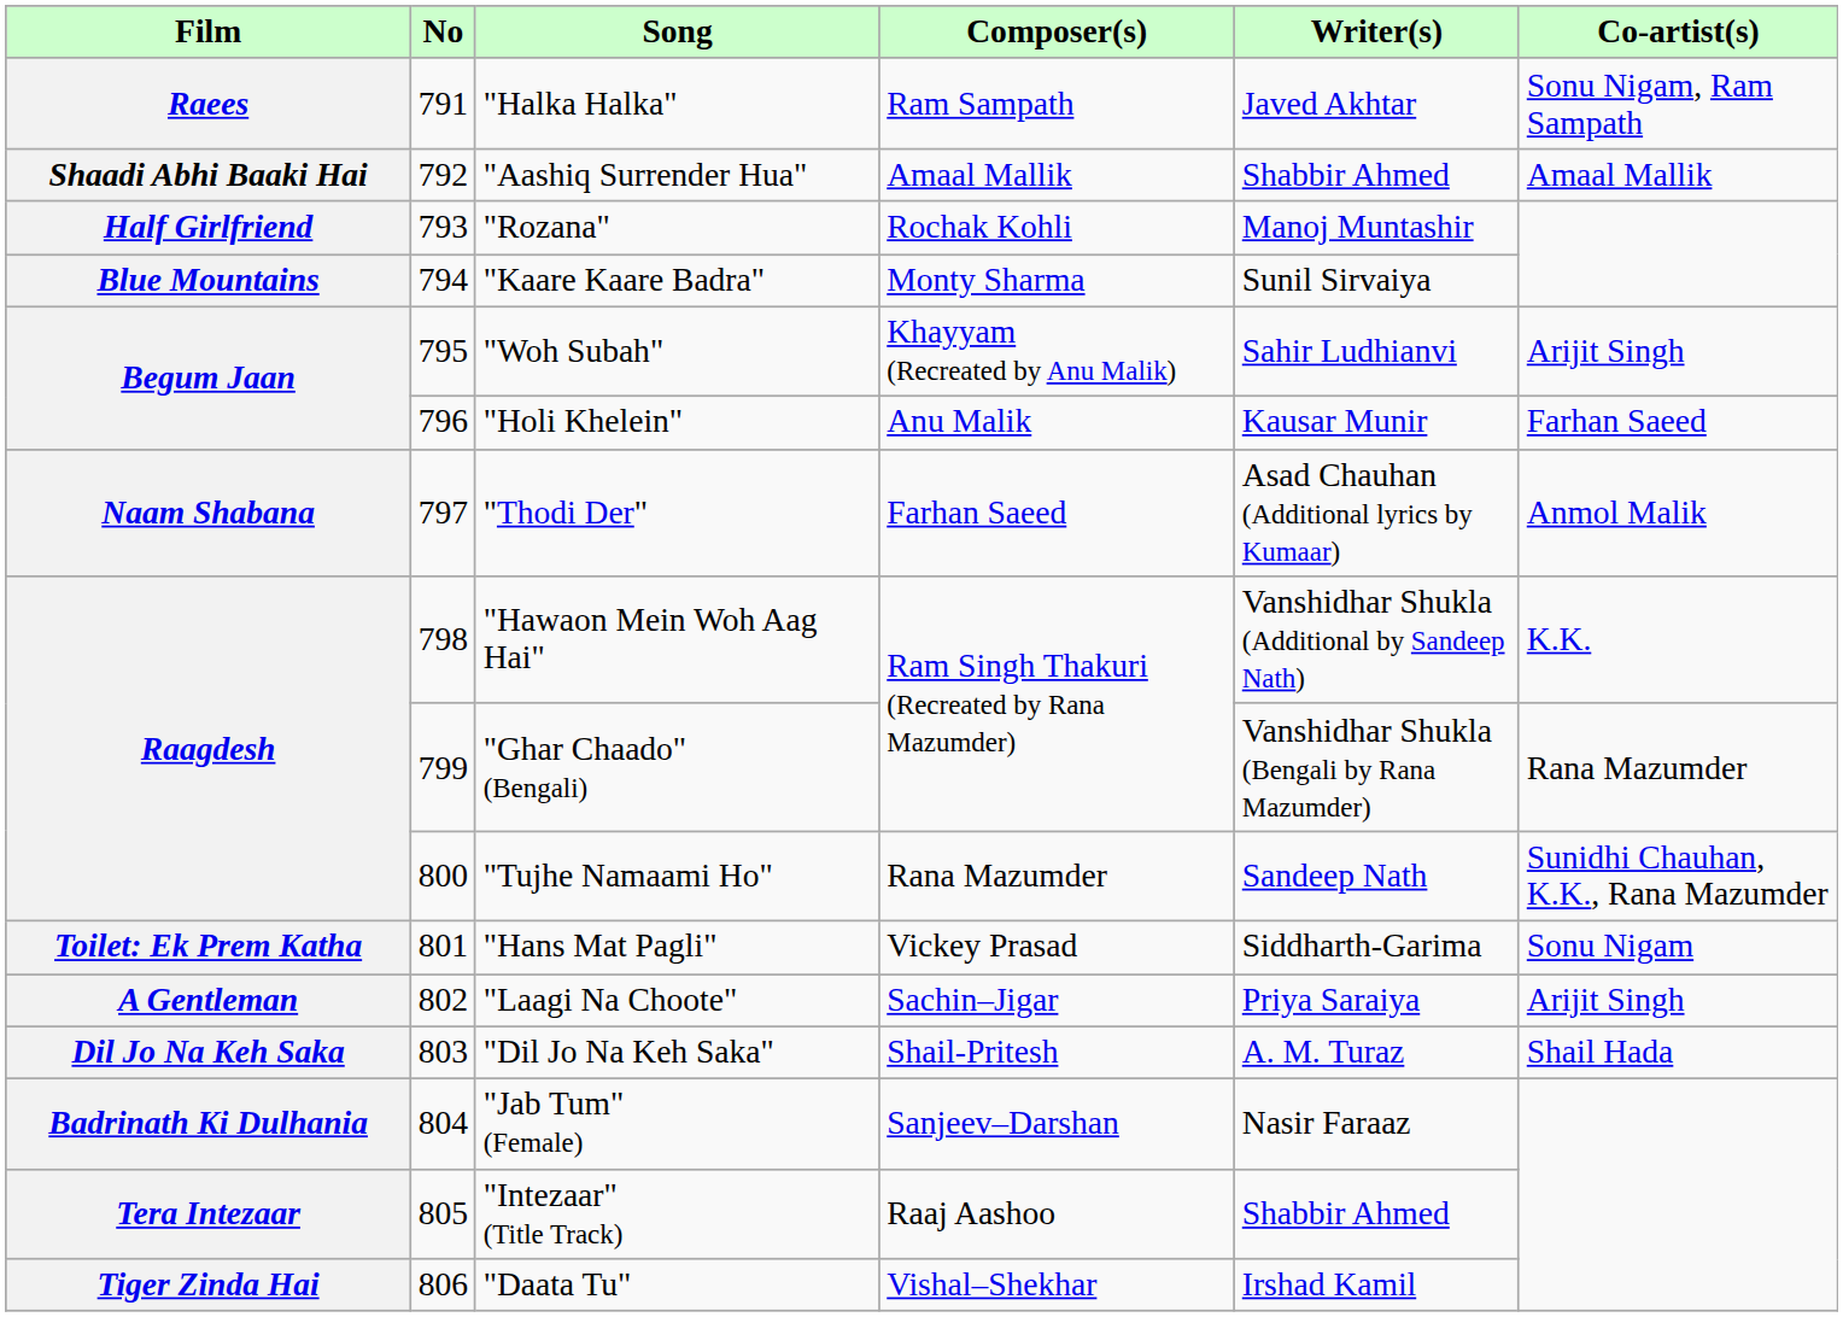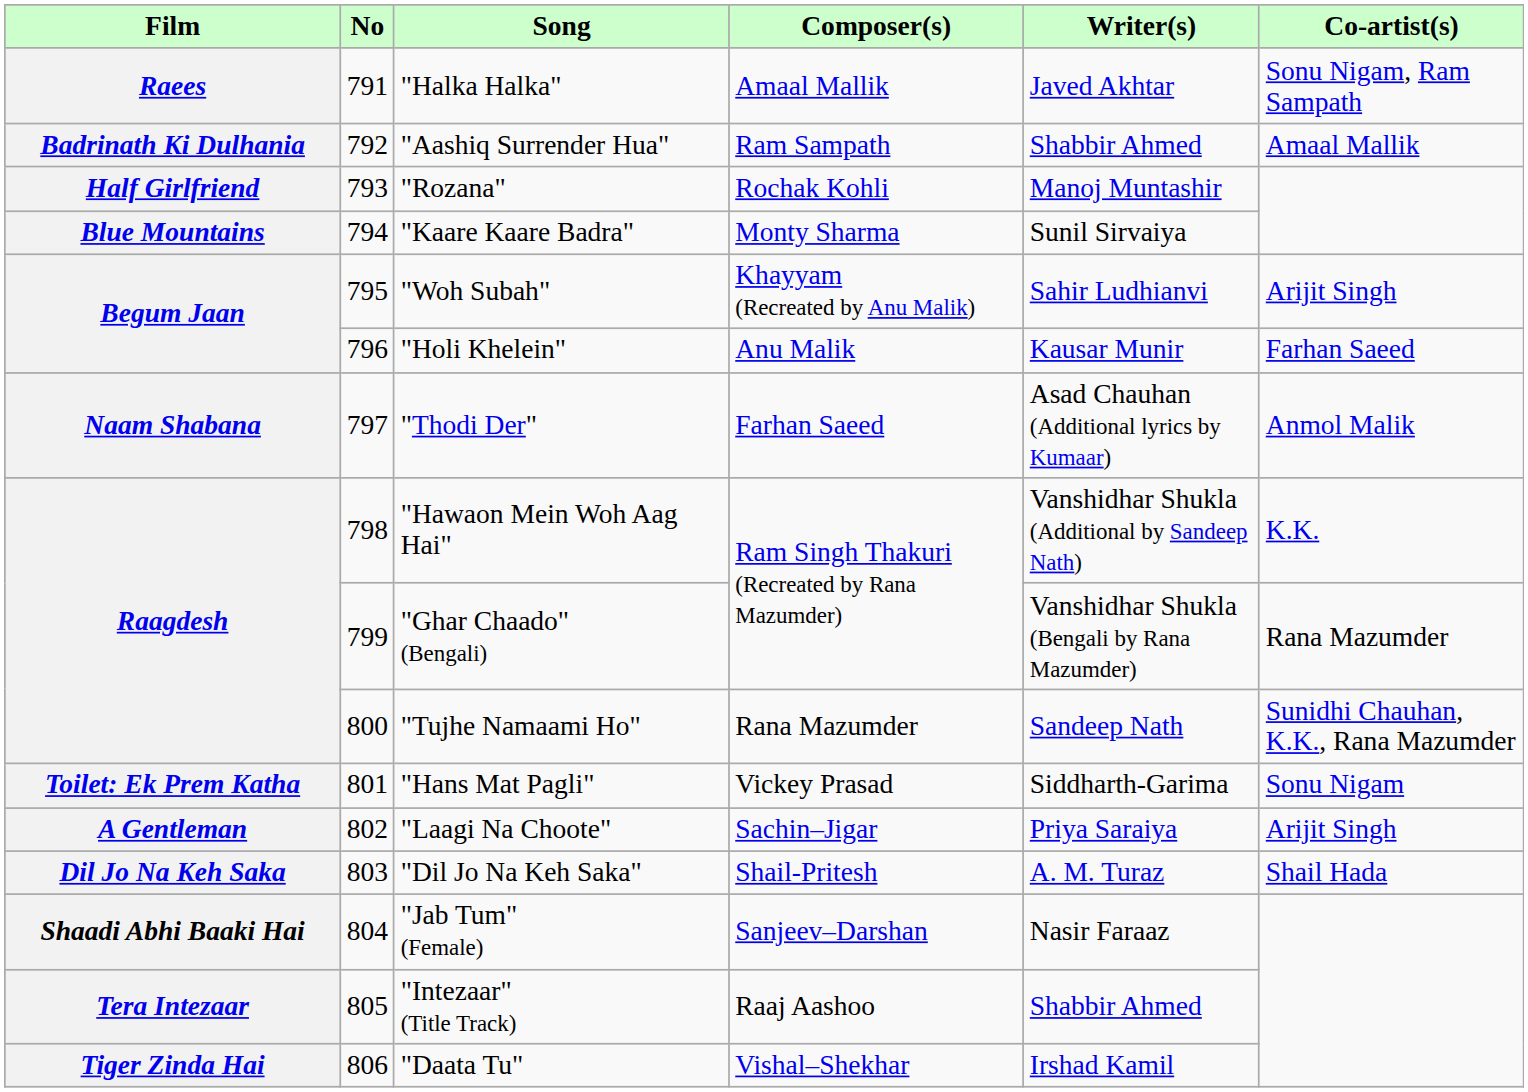 <table class="wikitable plainrowheaders" style="width:100%; textcolor:#000">
 <tr style="background:#cfc; text-align:center;">
 <td scope="col" style="width:23%;"><strong>Film</strong></td>
 <td><strong>No</strong></td>
 <td scope="col" style="width:23%;"><strong>Song</strong></td>
 <td scope="col" style="width:20%;"><strong>Composer(s)</strong></td>
 <td scope="col" style="width:16%;"><strong>Writer(s)</strong></td>
 <td scope="col" style="width:18%;"><strong>Co-artist(s)</strong></td>
 </tr>
 <tr>
 <th scope="row"><em><a href='#'>Raees</a></em></th>
 <td>791</td>
 <td>"Halka Halka"</td>
-<td><a href='#'>Ram Sampath</a></td>
+<td><a href='#'>Amaal Mallik</a></td>
 <td><a href='#'>Javed Akhtar</a></td>
 <td><a href='#'>Sonu Nigam</a>, <a href='#'>Ram Sampath</a></td>
 </tr>
 <tr>
-<th scope="row"><em>Shaadi Abhi Baaki Hai</em></th>
+<th scope="row"><em><a href='#'>Badrinath Ki Dulhania</a></em></th>
 <td>792</td>
 <td>"Aashiq Surrender Hua"</td>
-<td><a href='#'>Amaal Mallik</a></td>
+<td><a href='#'>Ram Sampath</a></td>
 <td><a href='#'>Shabbir Ahmed</a></td>
 <td><a href='#'>Amaal Mallik</a></td>
 </tr>
 <tr>
 <th scope="row"><em><a href='#'>Half Girlfriend</a></em></th>
 <td>793</td>
 <td>"Rozana"</td>
 <td><a href='#'>Rochak Kohli</a></td>
 <td><a href='#'>Manoj Muntashir</a></td>
 <td rowspan="2"></td>
 </tr>
 <tr>
 <th scope="row"><em><a href='#'>Blue Mountains</a></em></th>
 <td>794</td>
 <td>"Kaare Kaare Badra"</td>
 <td><a href='#'>Monty Sharma</a></td>
 <td>Sunil Sirvaiya</td>
 </tr>
 <tr>
 <th scope="row" rowspan="2"><em><a href='#'>Begum Jaan</a></em></th>
 <td>795</td>
 <td>"Woh Subah"</td>
 <td><a href='#'>Khayyam</a><br><small>(Recreated by <a href='#'>Anu Malik</a>)</small></td>
 <td><a href='#'>Sahir Ludhianvi</a></td>
 <td><a href='#'>Arijit Singh</a></td>
 </tr>
 <tr>
 <td>796</td>
 <td>"Holi Khelein"</td>
 <td><a href='#'>Anu Malik</a></td>
 <td><a href='#'>Kausar Munir</a></td>
 <td><a href='#'>Farhan Saeed</a></td>
 </tr>
 <tr>
 <th scope="row"><em><a href='#'>Naam Shabana</a></em></th>
 <td>797</td>
 <td>"<a href='#'>Thodi Der</a>"</td>
 <td><a href='#'>Farhan Saeed</a></td>
 <td>Asad Chauhan<br><small>(Additional lyrics by <a href='#'>Kumaar</a>)</small></td>
 <td><a href='#'>Anmol Malik</a></td>
 </tr>
 <tr>
 <th scope="row" rowspan="3"><em><a href='#'>Raagdesh</a></em></th>
 <td>798</td>
 <td>"Hawaon Mein Woh Aag Hai"</td>
 <td rowspan="2"><a href='#'>Ram Singh Thakuri</a><br><small>(Recreated by Rana Mazumder)</small></td>
 <td>Vanshidhar Shukla<br><small>(Additional by <a href='#'>Sandeep Nath</a>)</small></td>
 <td><a href='#'>K.K.</a></td>
 </tr>
 <tr>
 <td>799</td>
 <td>"Ghar Chaado"<br><small>(Bengali)</small></td>
 <td>Vanshidhar Shukla<br><small>(Bengali by Rana Mazumder)</small></td>
 <td>Rana Mazumder</td>
 </tr>
 <tr>
 <td>800</td>
 <td>"Tujhe Namaami Ho"</td>
 <td>Rana Mazumder</td>
 <td><a href='#'>Sandeep Nath</a></td>
 <td><a href='#'>Sunidhi Chauhan</a>, <a href='#'>K.K.</a>, Rana Mazumder</td>
 </tr>
 <tr>
 <th scope="row"><em><a href='#'>Toilet: Ek Prem Katha</a></em></th>
 <td>801</td>
 <td>"Hans Mat Pagli"</td>
 <td>Vickey Prasad</td>
 <td>Siddharth-Garima</td>
 <td><a href='#'>Sonu Nigam</a></td>
 </tr>
 <tr>
 <th scope="row"><em><a href='#'>A Gentleman</a></em></th>
 <td>802</td>
 <td>"Laagi Na Choote"</td>
 <td><a href='#'>Sachin–Jigar</a></td>
 <td><a href='#'>Priya Saraiya</a></td>
 <td><a href='#'>Arijit Singh</a></td>
 </tr>
 <tr>
 <th scope="row"><em><a href='#'>Dil Jo Na Keh Saka</a></em></th>
 <td>803</td>
 <td>"Dil Jo Na Keh Saka"</td>
 <td><a href='#'>Shail-Pritesh</a></td>
 <td><a href='#'>A. M. Turaz</a></td>
 <td><a href='#'>Shail Hada</a></td>
 </tr>
 <tr>
-<th scope="row"><em><a href='#'>Badrinath Ki Dulhania</a></em></th>
+<th scope="row"><em>Shaadi Abhi Baaki Hai</em></th>
 <td>804</td>
 <td>"Jab Tum"<br><small>(Female)</small></td>
 <td><a href='#'>Sanjeev–Darshan</a></td>
 <td>Nasir Faraaz</td>
 <td rowspan="3"></td>
 </tr>
 <tr>
 <th scope="row"><em><a href='#'>Tera Intezaar</a></em></th>
 <td>805</td>
 <td>"Intezaar"<br><small>(Title Track)</small></td>
 <td>Raaj Aashoo</td>
 <td><a href='#'>Shabbir Ahmed</a></td>
 </tr>
 <tr>
 <th scope="row"><em><a href='#'>Tiger Zinda Hai</a></em></th>
 <td>806</td>
 <td>"Daata Tu"</td>
 <td><a href='#'>Vishal–Shekhar</a></td>
 <td><a href='#'>Irshad Kamil</a></td>
 </tr>
 </table>
